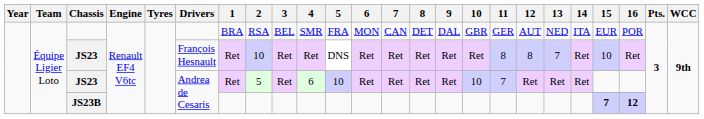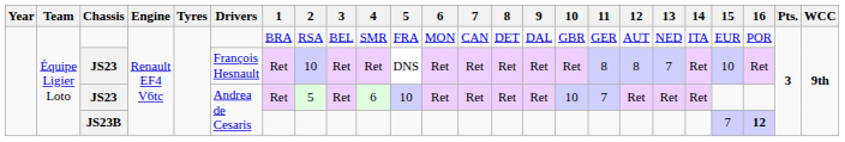 <table class="wikitable" style="text-align:center; font-size:95%">
 <tr>
 <th>Year</th>
 <th>Team</th>
 <th>Chassis</th>
 <th>Engine</th>
 <th>Tyres</th>
 <th>Drivers</th>
 <th>1</th>
 <th>2</th>
 <th>3</th>
 <th>4</th>
 <th>5</th>
 <th>6</th>
 <th>7</th>
 <th>8</th>
 <th>9</th>
 <th>10</th>
 <th>11</th>
 <th>12</th>
 <th>13</th>
 <th>14</th>
 <th>15</th>
 <th>16</th>
 <th>Pts.</th>
 <th>WCC</th>
 </tr>
 <tr>
 <td rowspan="4"></td>
 <td rowspan="4"><a href='#'>Équipe Ligier</a> Loto</td>
 <td></td>
 <td rowspan="4"><a href='#'>Renault</a> <a href='#'>EF4</a> <a href='#'>V6</a><a href='#'>tc</a></td>
 <td rowspan="4"></td>
 <td></td>
 <td><a href='#'>BRA</a></td>
 <td><a href='#'>RSA</a></td>
 <td><a href='#'>BEL</a></td>
 <td><a href='#'>SMR</a></td>
 <td><a href='#'>FRA</a></td>
 <td><a href='#'>MON</a></td>
 <td><a href='#'>CAN</a></td>
 <td><a href='#'>DET</a></td>
 <td><a href='#'>DAL</a></td>
 <td><a href='#'>GBR</a></td>
 <td><a href='#'>GER</a></td>
 <td><a href='#'>AUT</a></td>
 <td><a href='#'>NED</a></td>
 <td><a href='#'>ITA</a></td>
 <td><a href='#'>EUR</a></td>
 <td><a href='#'>POR</a></td>
 <td rowspan="4"><strong>3</strong></td>
 <td rowspan="4"><strong>9th</strong></td>
 </tr>
 <tr>
 <th>JS23</th>
 <td align="left"><a href='#'>François Hesnault</a></td>
 <td style="background:#efcfff;">Ret</td>
 <td style="background:#cfcfff;">10</td>
 <td style="background:#efcfff;">Ret</td>
 <td style="background:#efcfff;">Ret</td>
 <td style="background:#ffffff;">DNS</td>
 <td style="background:#efcfff;">Ret</td>
 <td style="background:#efcfff;">Ret</td>
 <td style="background:#efcfff;">Ret</td>
 <td style="background:#efcfff;">Ret</td>
 <td style="background:#efcfff;">Ret</td>
 <td style="background:#cfcfff;">8</td>
 <td style="background:#cfcfff;">8</td>
 <td style="background:#cfcfff;">7</td>
 <td style="background:#efcfff;">Ret</td>
 <td style="background:#cfcfff;">10</td>
 <td style="background:#efcfff;">Ret</td>
 </tr>
 <tr>
 <th>JS23</th>
 <td align="left" rowspan="2"><a href='#'>Andrea de Cesaris</a></td>
 <td style="background:#efcfff;">Ret</td>
 <td style="background:#dfffdf;">5</td>
 <td style="background:#efcfff;">Ret</td>
 <td style="background:#dfffdf;">6</td>
 <td style="background:#cfcfff;">10</td>
 <td style="background:#efcfff;">Ret</td>
 <td style="background:#efcfff;">Ret</td>
 <td style="background:#efcfff;">Ret</td>
 <td style="background:#efcfff;">Ret</td>
 <td style="background:#cfcfff;">10</td>
 <td style="background:#cfcfff;">7</td>
 <td style="background:#efcfff;">Ret</td>
 <td style="background:#efcfff;">Ret</td>
 <td style="background:#efcfff;">Ret</td>
 <td></td>
 <td></td>
 </tr>
 <tr>
 <th>JS23B</th>
 <td></td>
 <td></td>
 <td></td>
 <td></td>
 <td></td>
 <td></td>
 <td></td>
 <td></td>
 <td></td>
 <td></td>
 <td></td>
 <td></td>
 <td></td>
 <td></td>
-<td style="background:#cfcfff;"><strong>7</strong></td>
+<td style="background:#cfcfff;">7</td>
 <td style="background:#cfcfff;"><strong>12</strong></td>
 </tr>
 </table>
